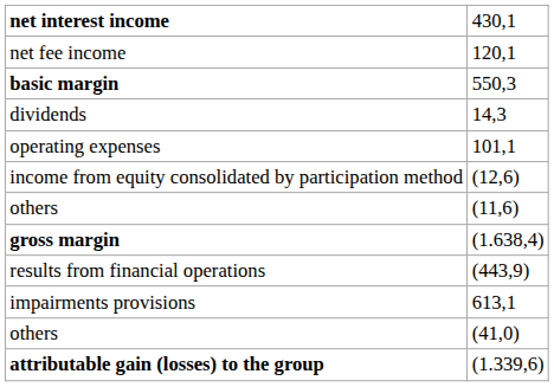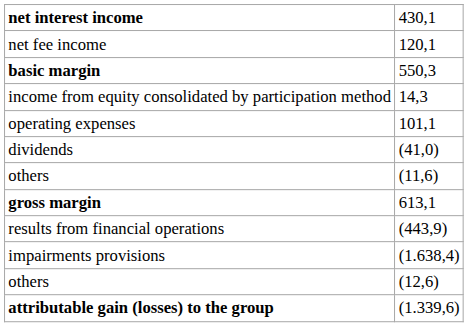 <table border="2" style="background:#ffffff" align="top" class="sortable wikitable">
 <tr>
 <td><strong>net interest income</strong></td>
 <td>430,1</td>
 </tr>
 <tr>
 <td>net fee income</td>
 <td>120,1</td>
 </tr>
 <tr>
 <td><strong>basic margin</strong></td>
 <td>550,3</td>
 </tr>
 <tr>
-<td>dividends</td>
+<td>income from equity consolidated by participation method</td>
 <td>14,3</td>
 </tr>
 <tr>
 <td>operating expenses</td>
 <td>101,1</td>
 </tr>
 <tr>
-<td>income from equity consolidated by participation method</td>
-<td>(12,6)</td>
+<td>dividends</td>
+<td>(41,0)</td>
 </tr>
 <tr>
 <td>others</td>
 <td>(11,6)</td>
 </tr>
 <tr>
 <td><strong>gross margin</strong></td>
-<td>(1.638,4)</td>
+<td>613,1</td>
 </tr>
 <tr>
 <td>results from financial operations</td>
 <td>(443,9)</td>
 </tr>
 <tr>
 <td>impairments provisions</td>
-<td>613,1</td>
+<td>(1.638,4)</td>
 </tr>
 <tr>
 <td>others</td>
-<td>(41,0)</td>
+<td>(12,6)</td>
 </tr>
 <tr>
 <td><strong>attributable gain (losses) to the group</strong></td>
 <td>(1.339,6)</td>
 </tr>
 </table>
